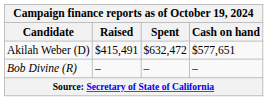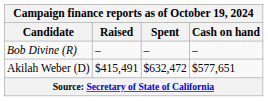 <table class="wikitable sortable">
 <tr>
 <th colspan=4>Campaign finance reports as of October 19, 2024</th>
 </tr>
 <tr style="text-align:center;">
 <th>Candidate</th>
 <th>Raised</th>
 <th>Spent</th>
 <th>Cash on hand</th>
 </tr>
 <tr>
+<td><em>Bob Divine (R)</em></td>
+<td>–</td>
+<td>–</td>
+<td>–</td>
+</tr>
+<tr>
 <td>Akilah Weber (D)</td>
 <td>$415,491</td>
 <td>$632,472</td>
 <td>$577,651</td>
 </tr>
 <tr>
-<td><em>Bob Divine (R)</em></td>
-<td>–</td>
-<td>–</td>
-<td>–</td>
-</tr>
-<tr>
 <th colspan="4"><small>Source: <a href='#'>Secretary of State of California</a></small></th>
 </tr>
 </table>
